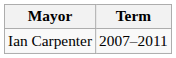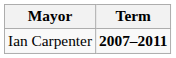 <table class="wikitable">
 <tr>
 <th>Mayor</th>
 <th>Term</th>
 </tr>
 <tr>
 <td>Ian Carpenter</td>
-<td>2007–2011</td>
+<td><strong>2007–2011</strong></td>
 </tr>
 </table>
